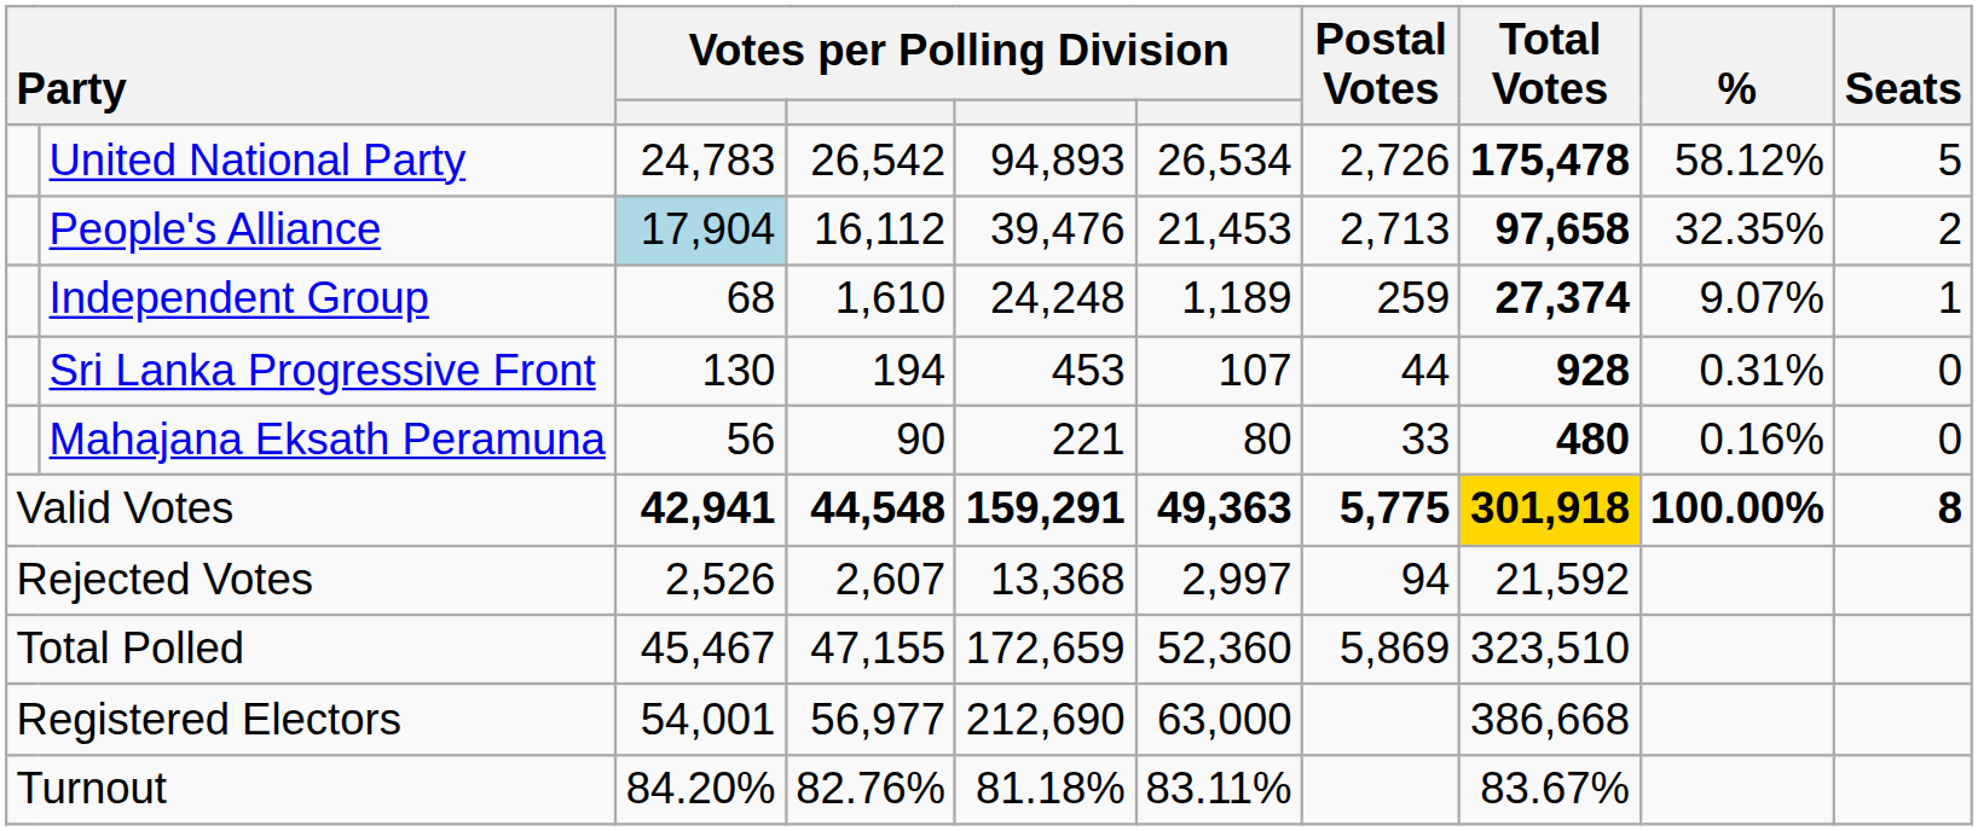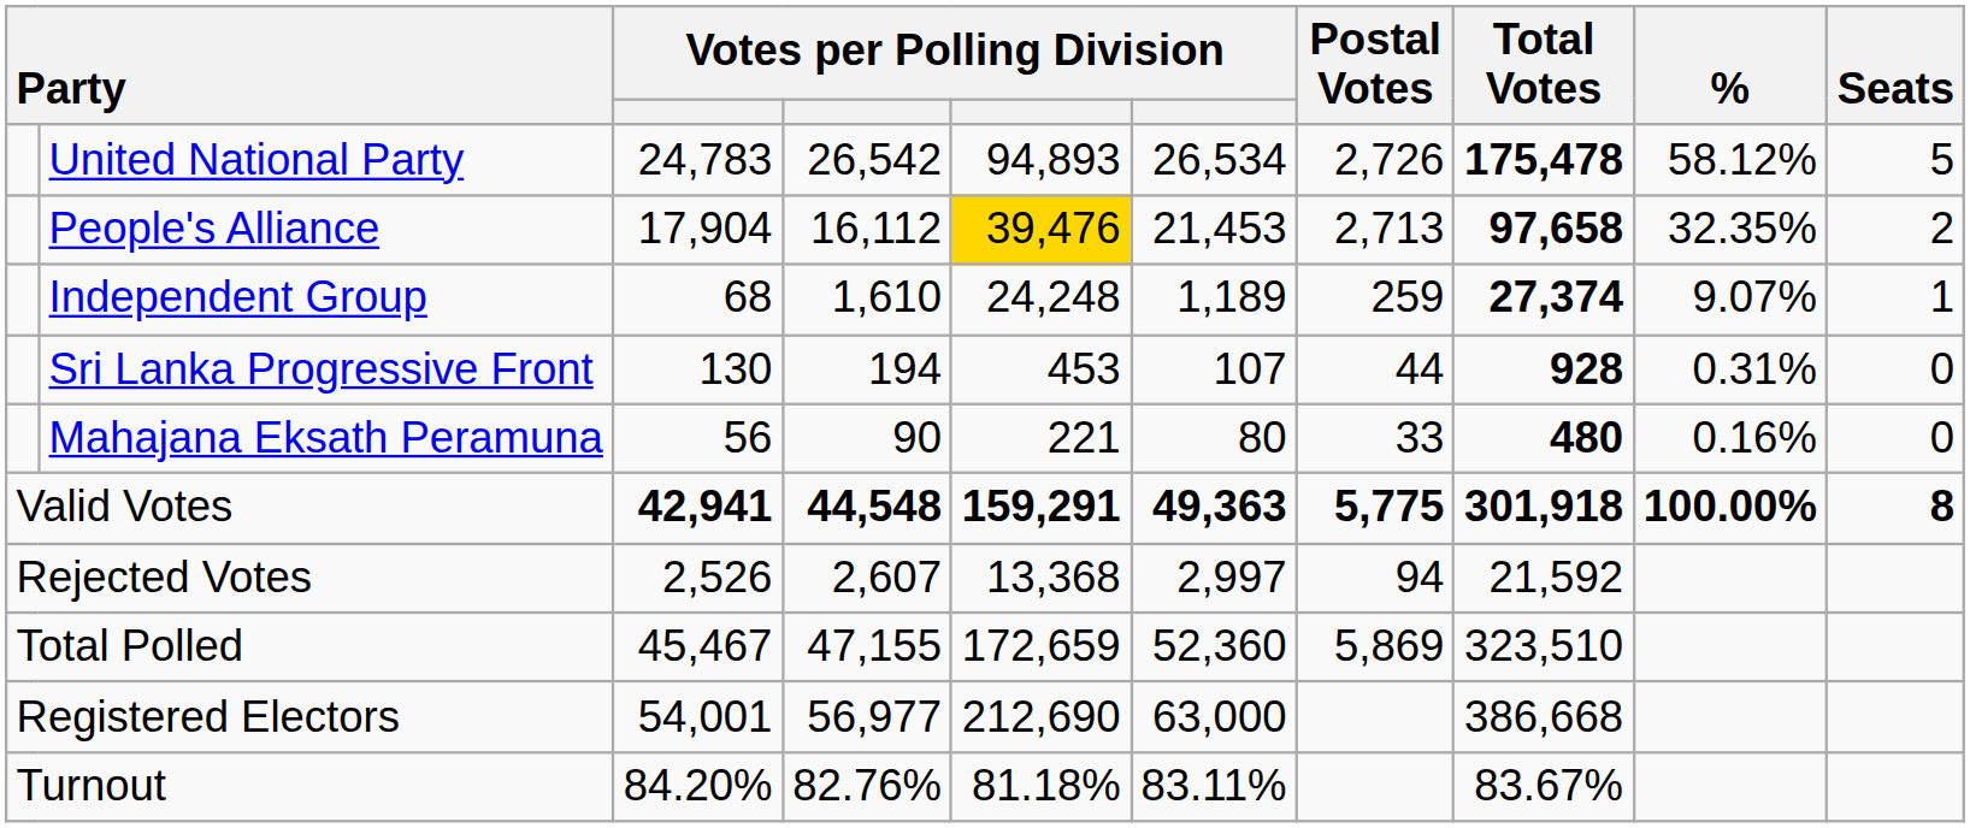 <table class="wikitable" border="1" style="text-align:right;">
 <tr>
 <th style="text-align:left; vertical-align:bottom;" rowspan="2" colspan="2">Party</th>
 <th colspan=4>Votes per Polling Division</th>
 <th rowspan="2" style="vertical-align:bottom; text-align:center; width:50px;">Postal<br>Votes</th>
 <th rowspan="2" style="vertical-align:bottom; text-align:center; width:50px;">Total Votes</th>
 <th rowspan="2" style="vertical-align:bottom; text-align:center; width:50px;">%</th>
 <th rowspan="2" style="vertical-align:bottom; text-align:center; width:40px;">Seats</th>
 </tr>
 <tr>
 <th></th>
 <th></th>
 <th></th>
 <th></th>
 </tr>
 <tr>
 <td bgcolor=> </td>
 <td align=left><a href='#'>United National Party</a></td>
 <td>24,783</td>
 <td>26,542</td>
 <td>94,893</td>
 <td>26,534</td>
 <td>2,726</td>
 <td><strong>175,478</strong></td>
 <td>58.12%</td>
 <td>5</td>
 </tr>
 <tr>
 <td bgcolor=> </td>
 <td align=left><a href='#'>People's Alliance</a></td>
-<td style="background: lightblue;">17,904</td>
+<td>17,904</td>
 <td>16,112</td>
-<td>39,476</td>
+<td style="background: gold;">39,476</td>
 <td>21,453</td>
 <td>2,713</td>
 <td><strong>97,658</strong></td>
 <td>32.35%</td>
 <td>2</td>
 </tr>
 <tr>
 <td bgcolor=> </td>
 <td align=left><a href='#'>Independent Group</a></td>
 <td>68</td>
 <td>1,610</td>
 <td>24,248</td>
 <td>1,189</td>
 <td>259</td>
 <td><strong>27,374</strong></td>
 <td>9.07%</td>
 <td>1</td>
 </tr>
 <tr>
 <td bgcolor=> </td>
 <td align=left><a href='#'>Sri Lanka Progressive Front</a></td>
 <td>130</td>
 <td>194</td>
 <td>453</td>
 <td>107</td>
 <td>44</td>
 <td><strong>928</strong></td>
 <td>0.31%</td>
 <td>0</td>
 </tr>
 <tr>
 <td bgcolor=> </td>
 <td align=left><a href='#'>Mahajana Eksath Peramuna</a></td>
 <td>56</td>
 <td>90</td>
 <td>221</td>
 <td>80</td>
 <td>33</td>
 <td><strong>480</strong></td>
 <td>0.16%</td>
 <td>0</td>
 </tr>
 <tr>
 <td align=left colspan="2">Valid Votes</td>
 <td><strong>42,941</strong></td>
 <td><strong>44,548</strong></td>
 <td><strong>159,291</strong></td>
 <td><strong>49,363</strong></td>
 <td><strong>5,775</strong></td>
-<td style="background: gold;"><strong>301,918</strong></td>
+<td><strong>301,918</strong></td>
 <td><strong>100.00%</strong></td>
 <td><strong>8</strong></td>
 </tr>
 <tr>
 <td align=left colspan="2">Rejected Votes</td>
 <td>2,526</td>
 <td>2,607</td>
 <td>13,368</td>
 <td>2,997</td>
 <td>94</td>
 <td>21,592</td>
 <td></td>
 <td></td>
 </tr>
 <tr>
 <td align=left colspan="2">Total Polled</td>
 <td>45,467</td>
 <td>47,155</td>
 <td>172,659</td>
 <td>52,360</td>
 <td>5,869</td>
 <td>323,510</td>
 <td></td>
 <td></td>
 </tr>
 <tr>
 <td align=left colspan="2">Registered Electors</td>
 <td>54,001</td>
 <td>56,977</td>
 <td>212,690</td>
 <td>63,000</td>
 <td></td>
 <td>386,668</td>
 <td></td>
 <td></td>
 </tr>
 <tr>
 <td align=left colspan="2">Turnout</td>
 <td>84.20%</td>
 <td>82.76%</td>
 <td>81.18%</td>
 <td>83.11%</td>
 <td></td>
 <td>83.67%</td>
 <td></td>
 <td></td>
 </tr>
 </table>
